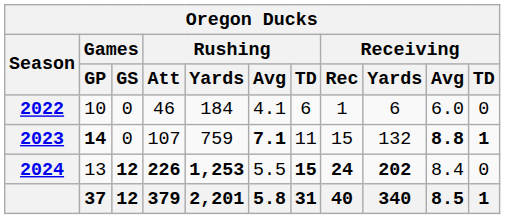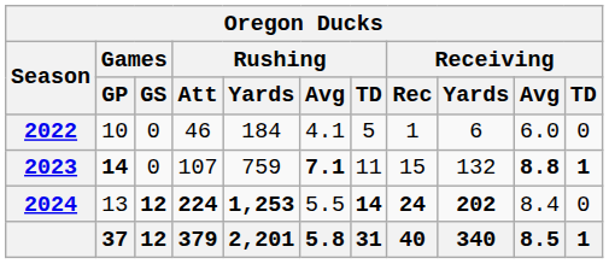 <table class="wikitable" style="text-align:center;">
 <tr>
 <th colspan="12">Oregon Ducks</th>
 </tr>
 <tr>
 <th rowspan="2">Season</th>
 <th colspan="2">Games</th>
 <th colspan="4">Rushing</th>
 <th colspan="4">Receiving</th>
 </tr>
 <tr>
 <th>GP</th>
 <th>GS</th>
 <th>Att</th>
 <th>Yards</th>
 <th>Avg</th>
 <th>TD</th>
 <th>Rec</th>
 <th>Yards</th>
 <th>Avg</th>
 <th>TD</th>
 </tr>
 <tr>
 <th><a href='#'>2022</a></th>
 <td>10</td>
 <td>0</td>
 <td>46</td>
 <td>184</td>
 <td>4.1</td>
-<td>6</td>
+<td>5</td>
 <td>1</td>
 <td>6</td>
 <td>6.0</td>
 <td>0</td>
 </tr>
 <tr>
 <th><a href='#'>2023</a></th>
 <td><strong>14</strong></td>
 <td>0</td>
 <td>107</td>
 <td>759</td>
 <td><strong>7.1</strong></td>
 <td>11</td>
 <td>15</td>
 <td>132</td>
 <td><strong>8.8</strong></td>
 <td><strong>1</strong></td>
 </tr>
 <tr>
 <th><a href='#'>2024</a></th>
 <td>13</td>
 <td><strong>12</strong></td>
-<td><strong>226</strong></td>
+<td><strong>224</strong></td>
 <td><strong>1,253</strong></td>
 <td>5.5</td>
-<td><strong>15</strong></td>
+<td><strong>14</strong></td>
 <td><strong>24</strong></td>
 <td><strong>202</strong></td>
 <td>8.4</td>
 <td>0</td>
 </tr>
 <tr>
 <th></th>
 <th>37</th>
 <th>12</th>
 <th>379</th>
 <th>2,201</th>
 <th>5.8</th>
 <th>31</th>
 <th>40</th>
 <th>340</th>
 <th>8.5</th>
 <th>1</th>
 </tr>
 </table>
